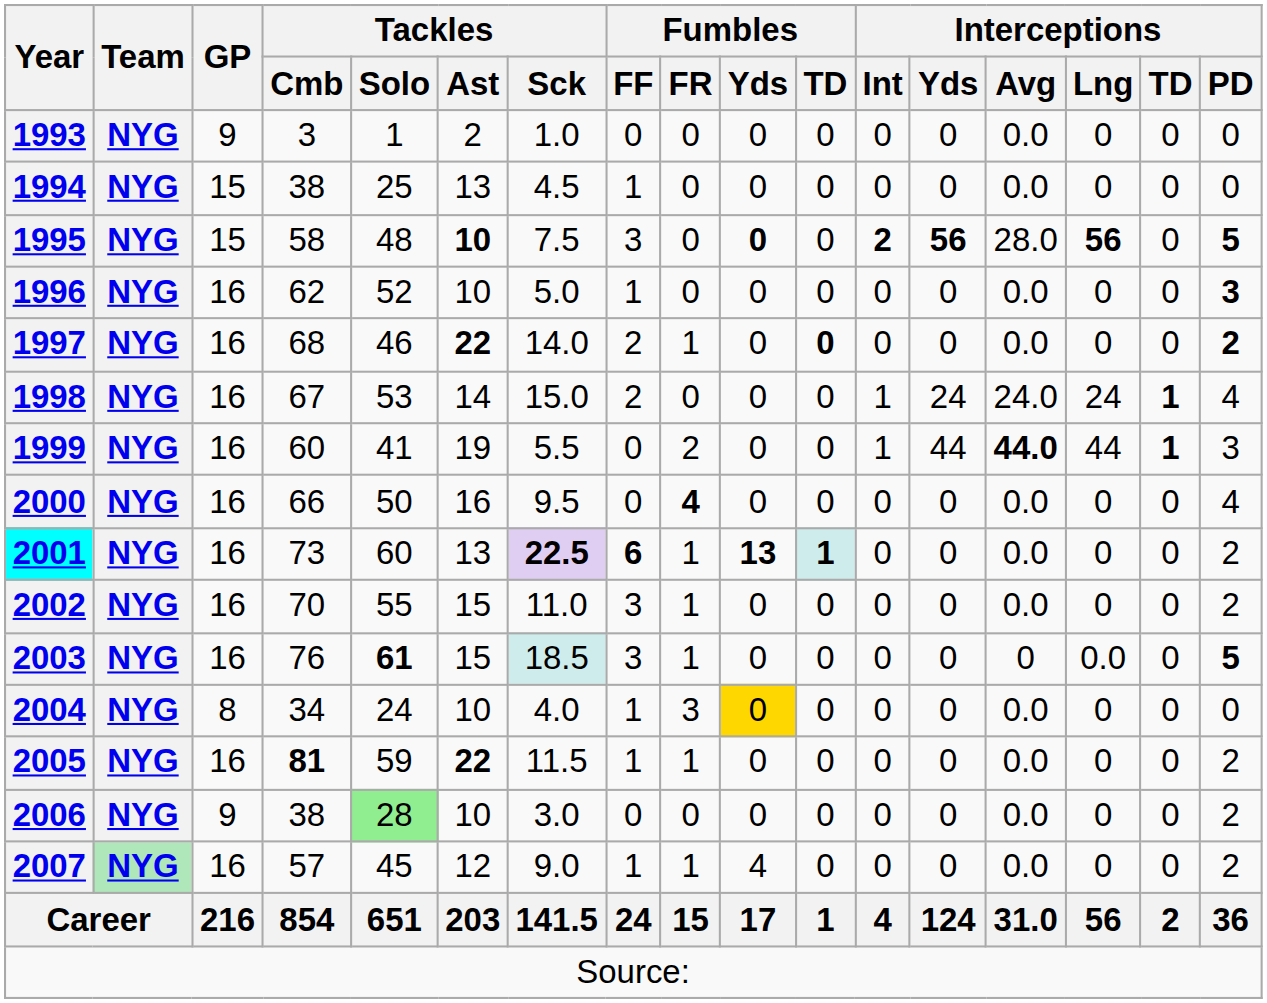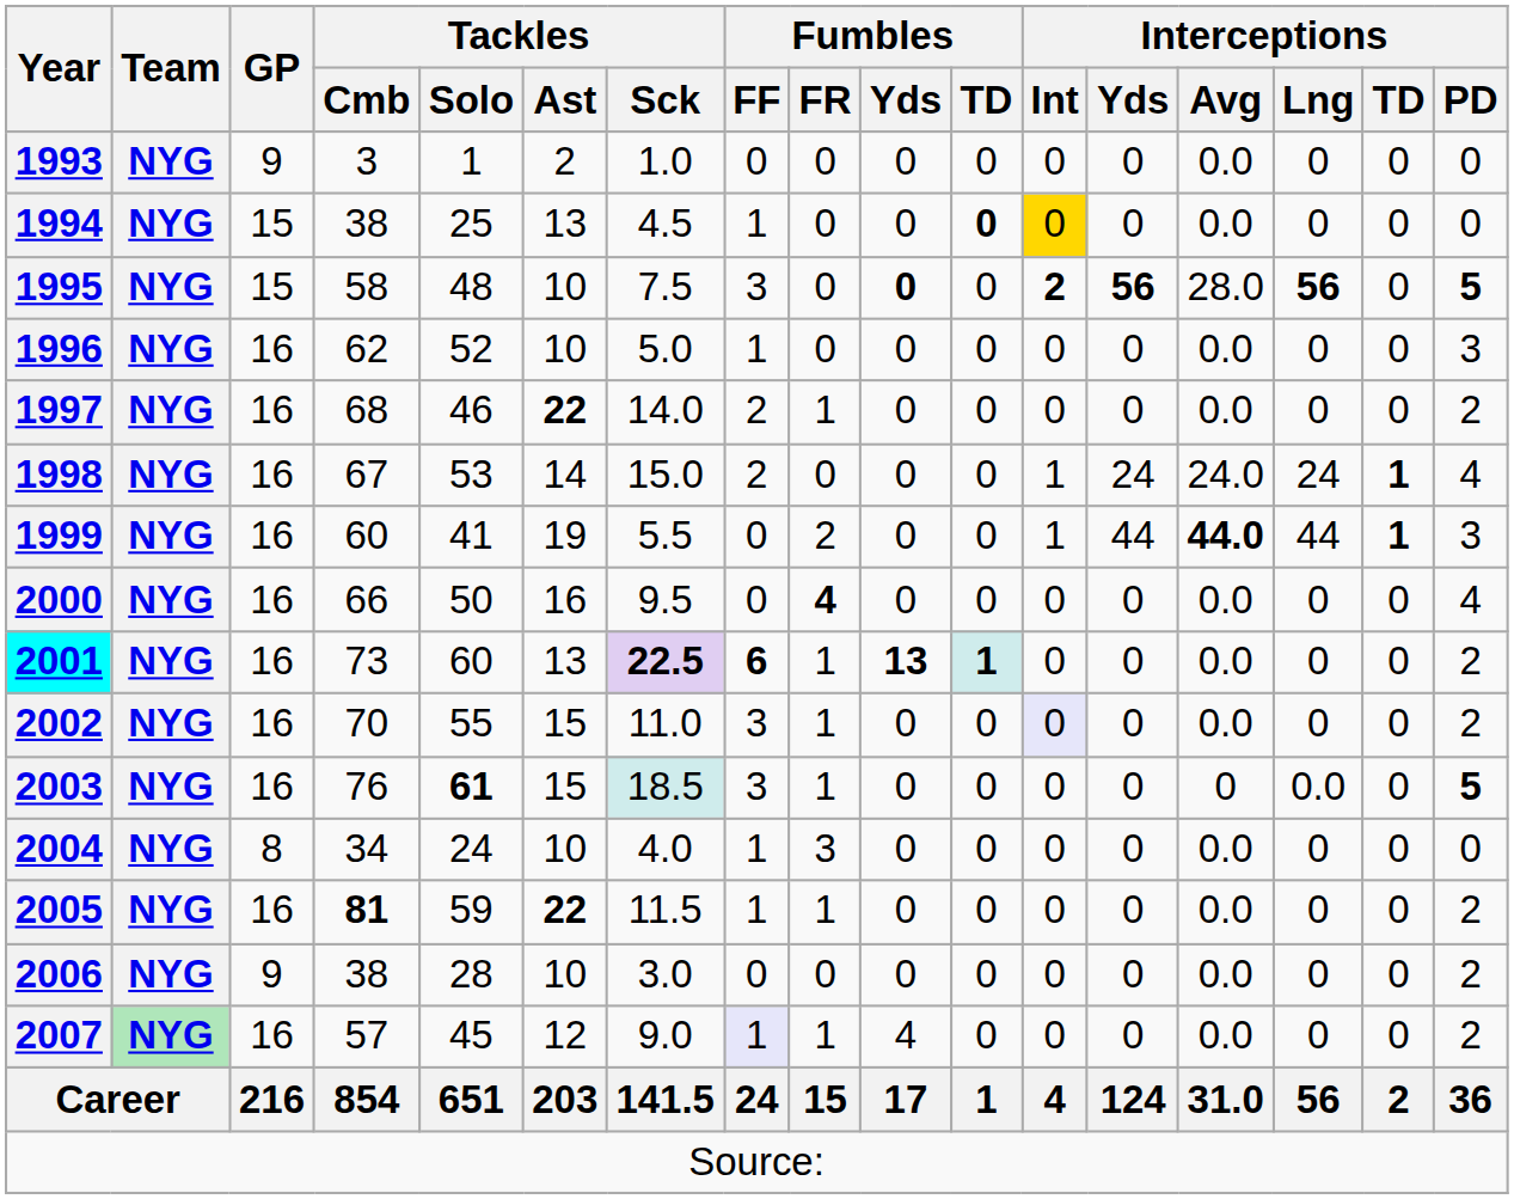 <table class="wikitable" style="text-align: center;">
 <tr>
 <th rowspan="2">Year</th>
 <th rowspan="2">Team</th>
 <th rowspan="2">GP</th>
 <th colspan="4">Tackles</th>
 <th colspan="4">Fumbles</th>
 <th colspan="6">Interceptions</th>
 </tr>
 <tr>
 <th>Cmb</th>
 <th>Solo</th>
 <th>Ast</th>
 <th>Sck</th>
 <th>FF</th>
 <th>FR</th>
 <th>Yds</th>
 <th>TD</th>
 <th>Int</th>
 <th>Yds</th>
 <th>Avg</th>
 <th>Lng</th>
 <th>TD</th>
 <th>PD</th>
 </tr>
 <tr>
 <th><a href='#'>1993</a></th>
 <th><a href='#'>NYG</a></th>
 <td>9</td>
 <td>3</td>
 <td>1</td>
 <td>2</td>
 <td>1.0</td>
 <td>0</td>
 <td>0</td>
 <td>0</td>
 <td>0</td>
 <td>0</td>
 <td>0</td>
 <td>0.0</td>
 <td>0</td>
 <td>0</td>
 <td>0</td>
 </tr>
 <tr>
 <th><a href='#'>1994</a></th>
 <th><a href='#'>NYG</a></th>
 <td>15</td>
 <td>38</td>
 <td>25</td>
 <td>13</td>
 <td>4.5</td>
 <td>1</td>
 <td>0</td>
 <td>0</td>
-<td>0</td>
-<td>0</td>
+<td><strong>0</strong></td>
+<td style="background: gold;">0</td>
 <td>0</td>
 <td>0.0</td>
 <td>0</td>
 <td>0</td>
 <td>0</td>
 </tr>
 <tr>
 <th><a href='#'>1995</a></th>
 <th><a href='#'>NYG</a></th>
 <td>15</td>
 <td>58</td>
 <td>48</td>
-<td><strong>10</strong></td>
+<td>10</td>
 <td>7.5</td>
 <td>3</td>
 <td>0</td>
 <td><strong>0</strong></td>
 <td>0</td>
 <td><strong>2</strong></td>
 <td><strong>56</strong></td>
 <td>28.0</td>
 <td><strong>56</strong></td>
 <td>0</td>
 <td><strong>5</strong></td>
 </tr>
 <tr>
 <th><a href='#'>1996</a></th>
 <th><a href='#'>NYG</a></th>
 <td>16</td>
 <td>62</td>
 <td>52</td>
 <td>10</td>
 <td>5.0</td>
 <td>1</td>
 <td>0</td>
 <td>0</td>
 <td>0</td>
 <td>0</td>
 <td>0</td>
 <td>0.0</td>
 <td>0</td>
 <td>0</td>
-<td><strong>3</strong></td>
+<td>3</td>
 </tr>
 <tr>
 <th><a href='#'>1997</a></th>
 <th><a href='#'>NYG</a></th>
 <td>16</td>
 <td>68</td>
 <td>46</td>
 <td><strong>22</strong></td>
 <td>14.0</td>
 <td>2</td>
 <td>1</td>
 <td>0</td>
-<td><strong>0</strong></td>
+<td>0</td>
 <td>0</td>
 <td>0</td>
 <td>0.0</td>
 <td>0</td>
 <td>0</td>
-<td><strong>2</strong></td>
+<td>2</td>
 </tr>
 <tr>
 <th><a href='#'>1998</a></th>
 <th><a href='#'>NYG</a></th>
 <td>16</td>
 <td>67</td>
 <td>53</td>
 <td>14</td>
 <td>15.0</td>
 <td>2</td>
 <td>0</td>
 <td>0</td>
 <td>0</td>
 <td>1</td>
 <td>24</td>
 <td>24.0</td>
 <td>24</td>
 <td><strong>1</strong></td>
 <td>4</td>
 </tr>
 <tr>
 <th><a href='#'>1999</a></th>
 <th><a href='#'>NYG</a></th>
 <td>16</td>
 <td>60</td>
 <td>41</td>
 <td>19</td>
 <td>5.5</td>
 <td>0</td>
 <td>2</td>
 <td>0</td>
 <td>0</td>
 <td>1</td>
 <td>44</td>
 <td><strong>44.0</strong></td>
 <td>44</td>
 <td><strong>1</strong></td>
 <td>3</td>
 </tr>
 <tr>
 <th><a href='#'>2000</a></th>
 <th><a href='#'>NYG</a></th>
 <td>16</td>
 <td>66</td>
 <td>50</td>
 <td>16</td>
 <td>9.5</td>
 <td>0</td>
 <td><strong>4</strong></td>
 <td>0</td>
 <td>0</td>
 <td>0</td>
 <td>0</td>
 <td>0.0</td>
 <td>0</td>
 <td>0</td>
 <td>4</td>
 </tr>
 <tr>
 <th style="background:#00ffff;"><a href='#'>2001</a></th>
 <th><a href='#'>NYG</a></th>
 <td>16</td>
 <td>73</td>
 <td>60</td>
 <td>13</td>
 <td style="background:#e0cef2;"><strong>22.5</strong></td>
 <td><strong>6</strong></td>
 <td>1</td>
 <td><strong>13</strong></td>
 <td style="background:#cfecec;"><strong>1</strong></td>
 <td>0</td>
 <td>0</td>
 <td>0.0</td>
 <td>0</td>
 <td>0</td>
 <td>2</td>
 </tr>
 <tr>
 <th><a href='#'>2002</a></th>
 <th><a href='#'>NYG</a></th>
 <td>16</td>
 <td>70</td>
 <td>55</td>
 <td>15</td>
 <td>11.0</td>
 <td>3</td>
 <td>1</td>
 <td>0</td>
 <td>0</td>
-<td>0</td>
+<td style="background: lavender;">0</td>
 <td>0</td>
 <td>0.0</td>
 <td>0</td>
 <td>0</td>
 <td>2</td>
 </tr>
 <tr>
 <th><a href='#'>2003</a></th>
 <th><a href='#'>NYG</a></th>
 <td>16</td>
 <td>76</td>
 <td><strong>61</strong></td>
 <td>15</td>
 <td style="background:#cfecec;">18.5</td>
 <td>3</td>
 <td>1</td>
 <td>0</td>
 <td>0</td>
 <td>0</td>
 <td>0</td>
 <td>0</td>
 <td>0.0</td>
 <td>0</td>
 <td><strong>5</strong></td>
 </tr>
 <tr>
 <th><a href='#'>2004</a></th>
 <th><a href='#'>NYG</a></th>
 <td>8</td>
 <td>34</td>
 <td>24</td>
 <td>10</td>
 <td>4.0</td>
 <td>1</td>
 <td>3</td>
-<td style="background: gold;">0</td>
+<td>0</td>
 <td>0</td>
 <td>0</td>
 <td>0</td>
 <td>0.0</td>
 <td>0</td>
 <td>0</td>
 <td>0</td>
 </tr>
 <tr>
 <th><a href='#'>2005</a></th>
 <th><a href='#'>NYG</a></th>
 <td>16</td>
 <td><strong>81</strong></td>
 <td>59</td>
 <td><strong>22</strong></td>
 <td>11.5</td>
 <td>1</td>
 <td>1</td>
 <td>0</td>
 <td>0</td>
 <td>0</td>
 <td>0</td>
 <td>0.0</td>
 <td>0</td>
 <td>0</td>
 <td>2</td>
 </tr>
 <tr>
 <th><a href='#'>2006</a></th>
 <th><a href='#'>NYG</a></th>
 <td>9</td>
 <td>38</td>
-<td style="background: lightgreen;">28</td>
+<td>28</td>
 <td>10</td>
 <td>3.0</td>
 <td>0</td>
 <td>0</td>
 <td>0</td>
 <td>0</td>
 <td>0</td>
 <td>0</td>
 <td>0.0</td>
 <td>0</td>
 <td>0</td>
 <td>2</td>
 </tr>
 <tr>
 <th><a href='#'>2007</a></th>
 <th style="background:#afe6ba;"><a href='#'>NYG</a></th>
 <td>16</td>
 <td>57</td>
 <td>45</td>
 <td>12</td>
 <td>9.0</td>
-<td>1</td>
+<td style="background: lavender;">1</td>
 <td>1</td>
 <td>4</td>
 <td>0</td>
 <td>0</td>
 <td>0</td>
 <td>0.0</td>
 <td>0</td>
 <td>0</td>
 <td>2</td>
 </tr>
 <tr>
 <th colspan="2">Career</th>
 <th>216</th>
 <th>854</th>
 <th>651</th>
 <th>203</th>
 <th>141.5</th>
 <th>24</th>
 <th>15</th>
 <th>17</th>
 <th>1</th>
 <th>4</th>
 <th>124</th>
 <th>31.0</th>
 <th>56</th>
 <th>2</th>
 <th>36</th>
 </tr>
 <tr>
 <td colspan="17">Source:</td>
 </tr>
 </table>
